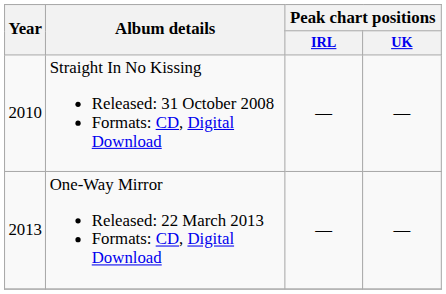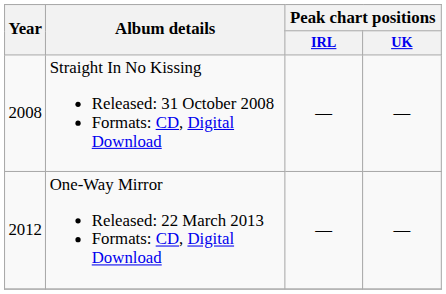 <table class="wikitable" style="text-align:center;">
 <tr>
 <th rowspan="2">Year</th>
 <th style="width:220px;" rowspan="2">Album details</th>
 <th colspan="2">Peak chart positions</th>
 </tr>
 <tr>
 <th style="width:5em;font-size:85%"><a href='#'>IRL</a></th>
 <th style="width:5em;font-size:85%"><a href='#'>UK</a></th>
 </tr>
 <tr>
-<td>2010</td>
+<td>2008</td>
 <td style="text-align:left;">Straight In No Kissing<br><ul><li>Released: 31 October 2008</li><li>Formats: <a href='#'>CD</a>, <a href='#'>Digital Download</a></li></ul></td>
 <td>—</td>
 <td>—</td>
 </tr>
 <tr>
-<td>2013</td>
+<td>2012</td>
 <td style="text-align:left;">One-Way Mirror<br><ul><li>Released: 22 March 2013</li><li>Formats: <a href='#'>CD</a>, <a href='#'>Digital Download</a></li></ul></td>
 <td>—</td>
 <td>—</td>
 </tr>
 <tr>
 </tr>
 </table>
